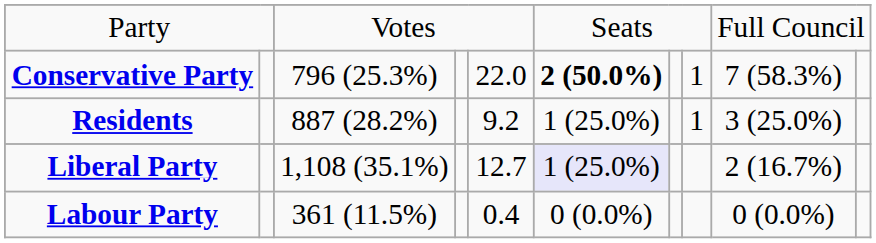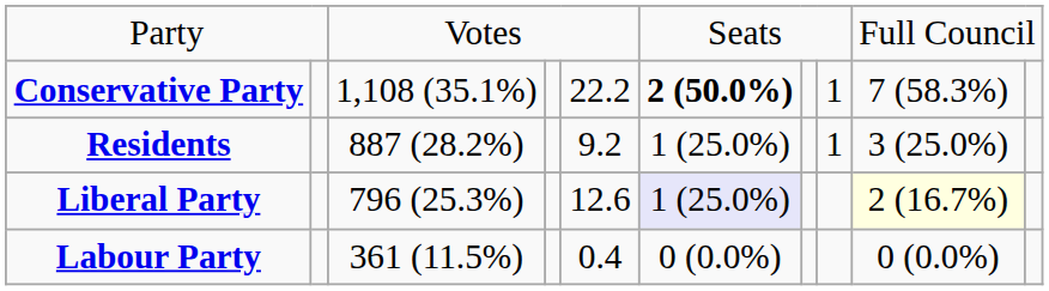 <table class=wikitable style="text-align:center;">
 <tr>
 <td colspan=2>Party</td>
 <td colspan=3>Votes</td>
 <td colspan=3>Seats</td>
 <td colspan=3>Full Council</td>
 </tr>
 <tr>
 <td><strong><a href='#'>Conservative Party</a></strong></td>
 <td style="background:"></td>
-<td>796 (25.3%)</td>
+<td>1,108 (35.1%)</td>
 <td></td>
-<td> 22.0</td>
+<td> 22.2</td>
 <td><strong>2 (50.0%)</strong></td>
 <td></td>
 <td> 1</td>
 <td>7 (58.3%)</td>
 <td></td>
 </tr>
 <tr>
 <td><strong><a href='#'>Residents</a></strong></td>
 <td style="background:"></td>
 <td>887 (28.2%)</td>
 <td></td>
 <td> 9.2</td>
 <td>1 (25.0%)</td>
 <td></td>
 <td> 1</td>
 <td>3 (25.0%)</td>
 <td></td>
 </tr>
 <tr>
 <td><strong><a href='#'>Liberal Party</a></strong></td>
 <td style="background:"></td>
-<td>1,108 (35.1%)</td>
+<td>796 (25.3%)</td>
 <td></td>
-<td> 12.7</td>
+<td> 12.6</td>
 <td style="background: lavender;">1 (25.0%)</td>
 <td></td>
 <td></td>
-<td>2 (16.7%)</td>
+<td style="background: lightyellow;">2 (16.7%)</td>
 <td></td>
 </tr>
 <tr>
 <td><strong><a href='#'>Labour Party</a></strong></td>
 <td style="background:"></td>
 <td>361 (11.5%)</td>
 <td></td>
 <td> 0.4</td>
 <td>0 (0.0%)</td>
 <td></td>
 <td></td>
 <td>0 (0.0%)</td>
 <td></td>
 </tr>
 </table>
